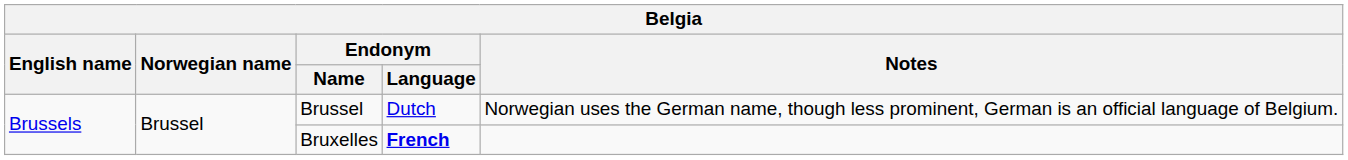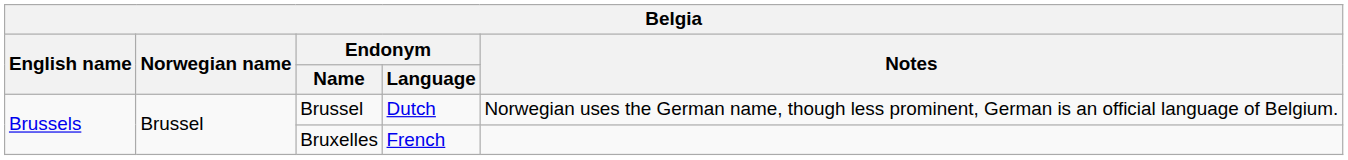 <table class="wikitable sortable">
 <tr>
 <th colspan="5"> Belgia</th>
 </tr>
 <tr>
 <th rowspan="2">English name</th>
 <th rowspan="2">Norwegian name</th>
 <th colspan="2">Endonym</th>
 <th rowspan="2">Notes</th>
 </tr>
 <tr>
 <th>Name</th>
 <th>Language</th>
 </tr>
 <tr>
 <td rowspan="2"><a href='#'>Brussels</a></td>
 <td rowspan="2">Brussel</td>
 <td>Brussel</td>
 <td><a href='#'>Dutch</a></td>
 <td>Norwegian uses the German name, though less prominent, German is an official language of Belgium.</td>
 </tr>
 <tr>
 <td>Bruxelles</td>
-<td><strong><a href='#'>French</a></strong></td>
+<td><a href='#'>French</a></td>
 <td></td>
 </tr>
 </table>
